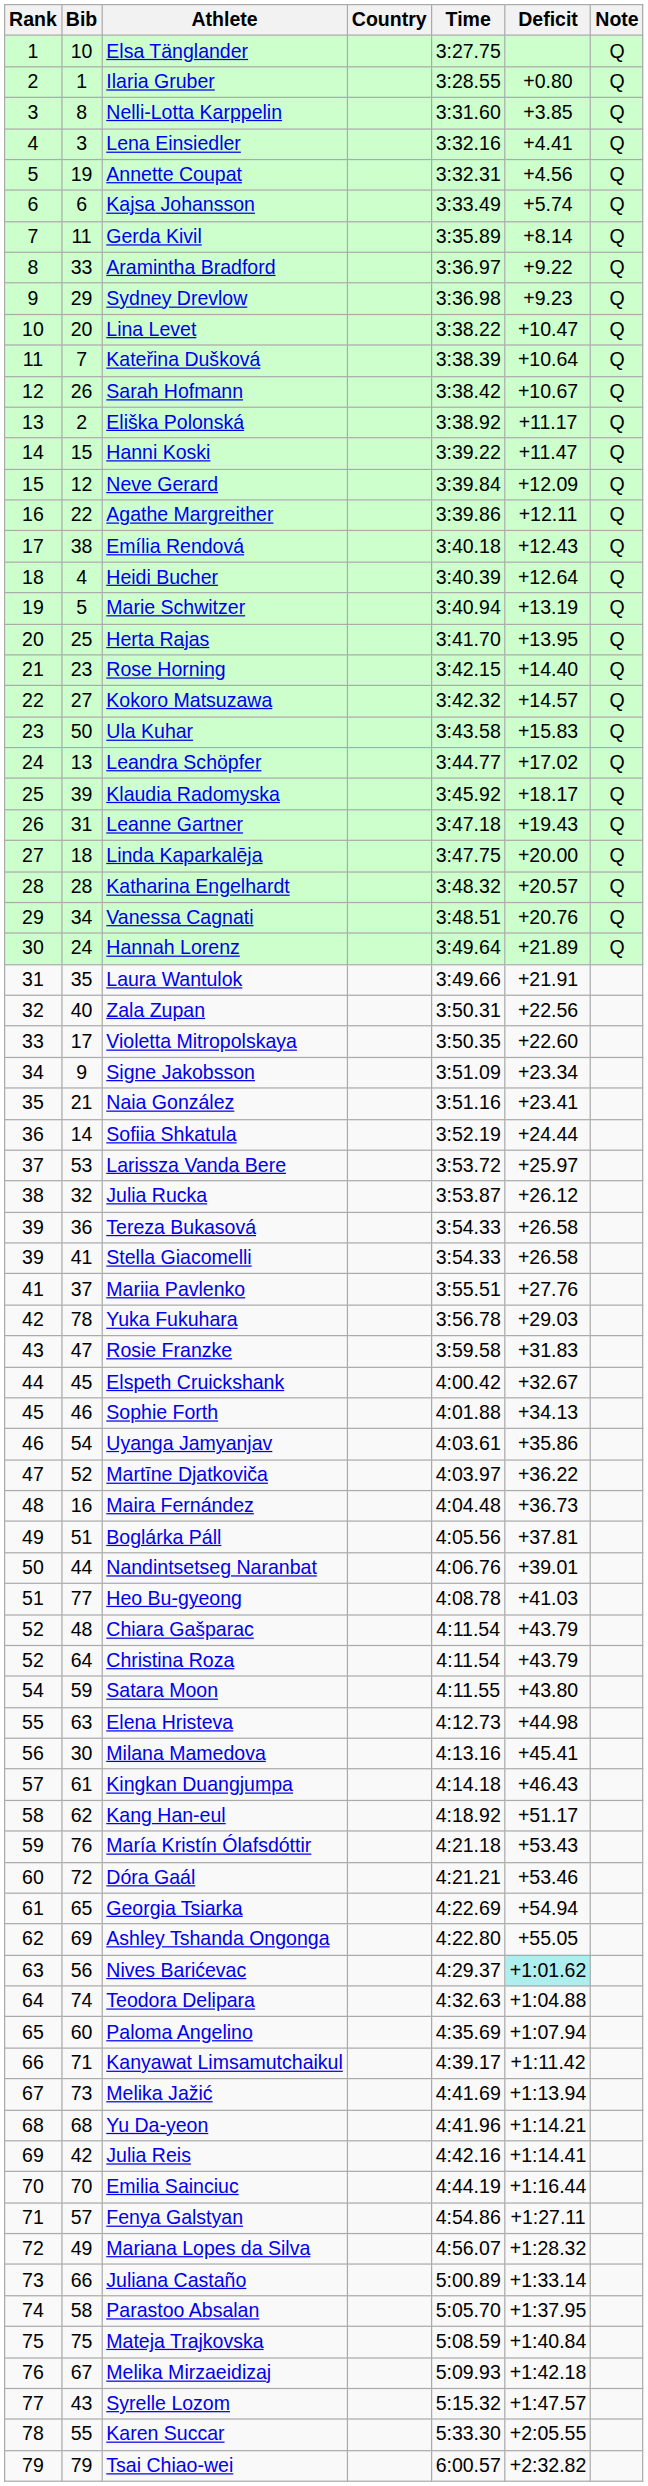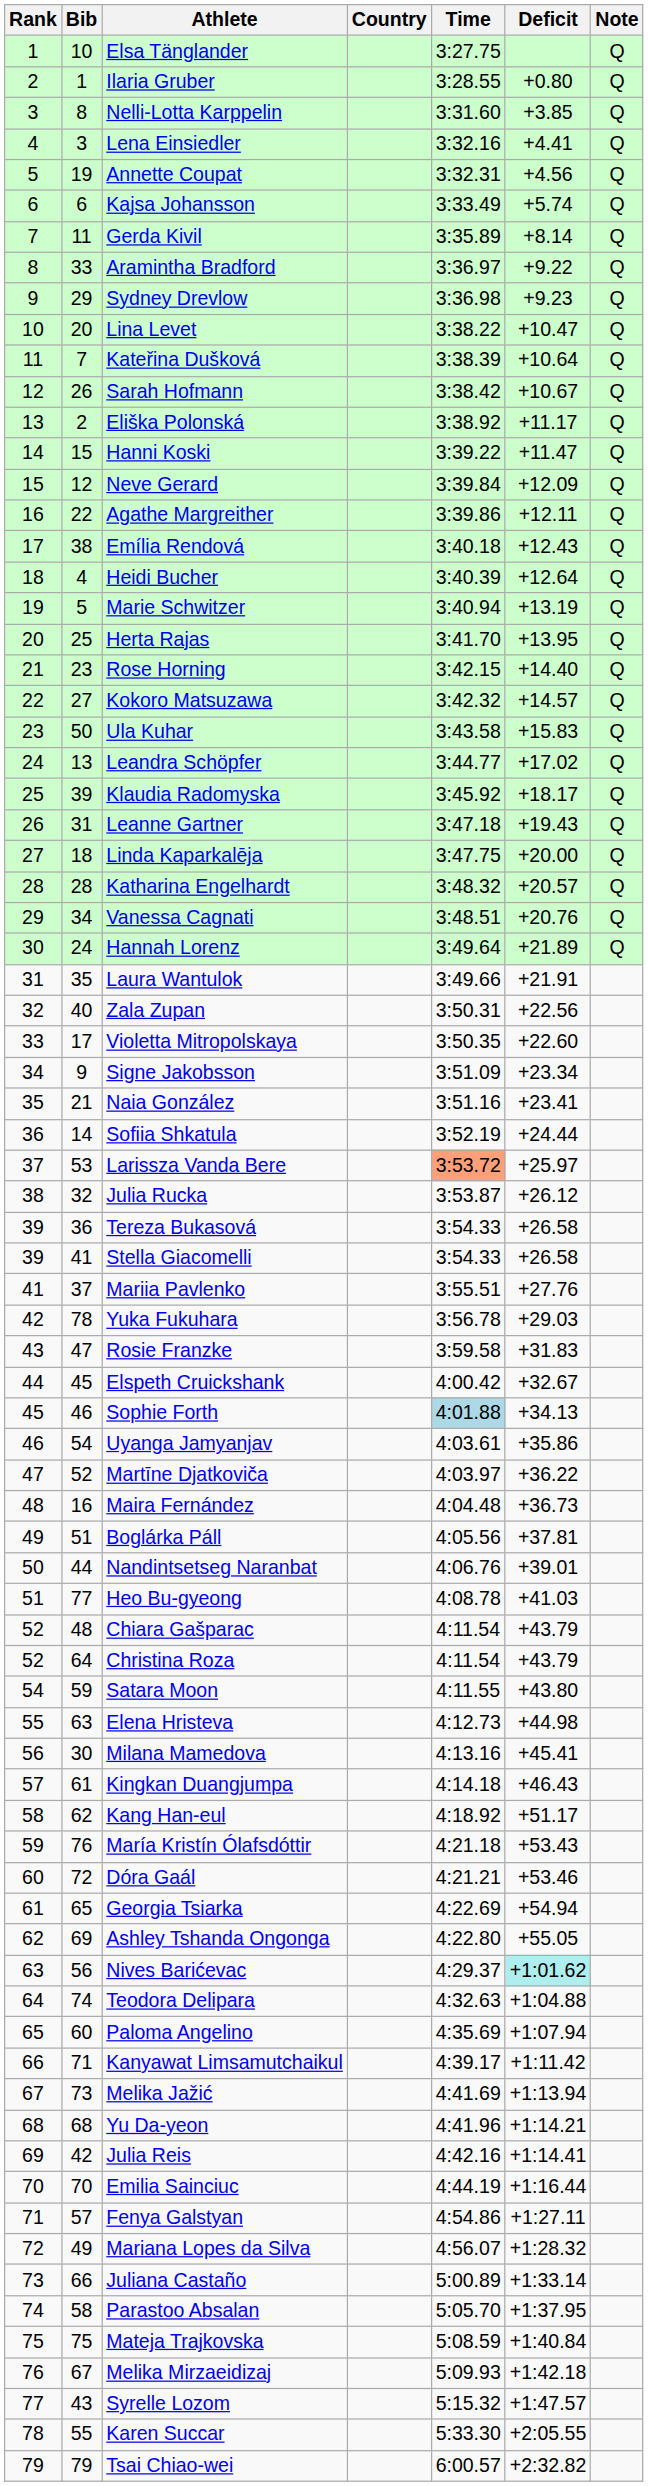 <table class="wikitable sortable" style="text-align:center">
 <tr>
 <th>Rank</th>
 <th>Bib</th>
 <th>Athlete</th>
 <th>Country</th>
 <th>Time</th>
 <th>Deficit</th>
 <th>Note</th>
 </tr>
 <tr bgcolor=ccffcc>
 <td>1</td>
 <td>10</td>
 <td align=left><a href='#'>Elsa Tänglander</a></td>
 <td align=left></td>
 <td>3:27.75</td>
 <td></td>
 <td>Q</td>
 </tr>
 <tr bgcolor=ccffcc>
 <td>2</td>
 <td>1</td>
 <td align=left><a href='#'>Ilaria Gruber</a></td>
 <td align=left></td>
 <td>3:28.55</td>
 <td>+0.80</td>
 <td>Q</td>
 </tr>
 <tr bgcolor=ccffcc>
 <td>3</td>
 <td>8</td>
 <td align=left><a href='#'>Nelli-Lotta Karppelin</a></td>
 <td align=left></td>
 <td>3:31.60</td>
 <td>+3.85</td>
 <td>Q</td>
 </tr>
 <tr bgcolor=ccffcc>
 <td>4</td>
 <td>3</td>
 <td align=left><a href='#'>Lena Einsiedler</a></td>
 <td align=left></td>
 <td>3:32.16</td>
 <td>+4.41</td>
 <td>Q</td>
 </tr>
 <tr bgcolor=ccffcc>
 <td>5</td>
 <td>19</td>
 <td align=left><a href='#'>Annette Coupat</a></td>
 <td align=left></td>
 <td>3:32.31</td>
 <td>+4.56</td>
 <td>Q</td>
 </tr>
 <tr bgcolor=ccffcc>
 <td>6</td>
 <td>6</td>
 <td align=left><a href='#'>Kajsa Johansson</a></td>
 <td align=left></td>
 <td>3:33.49</td>
 <td>+5.74</td>
 <td>Q</td>
 </tr>
 <tr bgcolor=ccffcc>
 <td>7</td>
 <td>11</td>
 <td align=left><a href='#'>Gerda Kivil</a></td>
 <td align=left></td>
 <td>3:35.89</td>
 <td>+8.14</td>
 <td>Q</td>
 </tr>
 <tr bgcolor=ccffcc>
 <td>8</td>
 <td>33</td>
 <td align=left><a href='#'>Aramintha Bradford</a></td>
 <td align=left></td>
 <td>3:36.97</td>
 <td>+9.22</td>
 <td>Q</td>
 </tr>
 <tr bgcolor=ccffcc>
 <td>9</td>
 <td>29</td>
 <td align=left><a href='#'>Sydney Drevlow</a></td>
 <td align=left></td>
 <td>3:36.98</td>
 <td>+9.23</td>
 <td>Q</td>
 </tr>
 <tr bgcolor=ccffcc>
 <td>10</td>
 <td>20</td>
 <td align=left><a href='#'>Lina Levet</a></td>
 <td align=left></td>
 <td>3:38.22</td>
 <td>+10.47</td>
 <td>Q</td>
 </tr>
 <tr bgcolor=ccffcc>
 <td>11</td>
 <td>7</td>
 <td align=left><a href='#'>Kateřina Dušková</a></td>
 <td align=left></td>
 <td>3:38.39</td>
 <td>+10.64</td>
 <td>Q</td>
 </tr>
 <tr bgcolor=ccffcc>
 <td>12</td>
 <td>26</td>
 <td align=left><a href='#'>Sarah Hofmann</a></td>
 <td align=left></td>
 <td>3:38.42</td>
 <td>+10.67</td>
 <td>Q</td>
 </tr>
 <tr bgcolor=ccffcc>
 <td>13</td>
 <td>2</td>
 <td align=left><a href='#'>Eliška Polonská</a></td>
 <td align=left></td>
 <td>3:38.92</td>
 <td>+11.17</td>
 <td>Q</td>
 </tr>
 <tr bgcolor=ccffcc>
 <td>14</td>
 <td>15</td>
 <td align=left><a href='#'>Hanni Koski</a></td>
 <td align=left></td>
 <td>3:39.22</td>
 <td>+11.47</td>
 <td>Q</td>
 </tr>
 <tr bgcolor=ccffcc>
 <td>15</td>
 <td>12</td>
 <td align=left><a href='#'>Neve Gerard</a></td>
 <td align=left></td>
 <td>3:39.84</td>
 <td>+12.09</td>
 <td>Q</td>
 </tr>
 <tr bgcolor=ccffcc>
 <td>16</td>
 <td>22</td>
 <td align=left><a href='#'>Agathe Margreither</a></td>
 <td align=left></td>
 <td>3:39.86</td>
 <td>+12.11</td>
 <td>Q</td>
 </tr>
 <tr bgcolor=ccffcc>
 <td>17</td>
 <td>38</td>
 <td align=left><a href='#'>Emília Rendová</a></td>
 <td align=left></td>
 <td>3:40.18</td>
 <td>+12.43</td>
 <td>Q</td>
 </tr>
 <tr bgcolor=ccffcc>
 <td>18</td>
 <td>4</td>
 <td align=left><a href='#'>Heidi Bucher</a></td>
 <td align=left></td>
 <td>3:40.39</td>
 <td>+12.64</td>
 <td>Q</td>
 </tr>
 <tr bgcolor=ccffcc>
 <td>19</td>
 <td>5</td>
 <td align=left><a href='#'>Marie Schwitzer</a></td>
 <td align=left></td>
 <td>3:40.94</td>
 <td>+13.19</td>
 <td>Q</td>
 </tr>
 <tr bgcolor=ccffcc>
 <td>20</td>
 <td>25</td>
 <td align=left><a href='#'>Herta Rajas</a></td>
 <td align=left></td>
 <td>3:41.70</td>
 <td>+13.95</td>
 <td>Q</td>
 </tr>
 <tr bgcolor=ccffcc>
 <td>21</td>
 <td>23</td>
 <td align=left><a href='#'>Rose Horning</a></td>
 <td align=left></td>
 <td>3:42.15</td>
 <td>+14.40</td>
 <td>Q</td>
 </tr>
 <tr bgcolor=ccffcc>
 <td>22</td>
 <td>27</td>
 <td align=left><a href='#'>Kokoro Matsuzawa</a></td>
 <td align=left></td>
 <td>3:42.32</td>
 <td>+14.57</td>
 <td>Q</td>
 </tr>
 <tr bgcolor=ccffcc>
 <td>23</td>
 <td>50</td>
 <td align=left><a href='#'>Ula Kuhar</a></td>
 <td align=left></td>
 <td>3:43.58</td>
 <td>+15.83</td>
 <td>Q</td>
 </tr>
 <tr bgcolor=ccffcc>
 <td>24</td>
 <td>13</td>
 <td align=left><a href='#'>Leandra Schöpfer</a></td>
 <td align=left></td>
 <td>3:44.77</td>
 <td>+17.02</td>
 <td>Q</td>
 </tr>
 <tr bgcolor=ccffcc>
 <td>25</td>
 <td>39</td>
 <td align=left><a href='#'>Klaudia Radomyska</a></td>
 <td align=left></td>
 <td>3:45.92</td>
 <td>+18.17</td>
 <td>Q</td>
 </tr>
 <tr bgcolor=ccffcc>
 <td>26</td>
 <td>31</td>
 <td align=left><a href='#'>Leanne Gartner</a></td>
 <td align=left></td>
 <td>3:47.18</td>
 <td>+19.43</td>
 <td>Q</td>
 </tr>
 <tr bgcolor=ccffcc>
 <td>27</td>
 <td>18</td>
 <td align=left><a href='#'>Linda Kaparkalēja</a></td>
 <td align=left></td>
 <td>3:47.75</td>
 <td>+20.00</td>
 <td>Q</td>
 </tr>
 <tr bgcolor=ccffcc>
 <td>28</td>
 <td>28</td>
 <td align=left><a href='#'>Katharina Engelhardt</a></td>
 <td align=left></td>
 <td>3:48.32</td>
 <td>+20.57</td>
 <td>Q</td>
 </tr>
 <tr bgcolor=ccffcc>
 <td>29</td>
 <td>34</td>
 <td align=left><a href='#'>Vanessa Cagnati</a></td>
 <td align=left></td>
 <td>3:48.51</td>
 <td>+20.76</td>
 <td>Q</td>
 </tr>
 <tr bgcolor=ccffcc>
 <td>30</td>
 <td>24</td>
 <td align=left><a href='#'>Hannah Lorenz</a></td>
 <td align=left></td>
 <td>3:49.64</td>
 <td>+21.89</td>
 <td>Q</td>
 </tr>
 <tr>
 <td>31</td>
 <td>35</td>
 <td align=left><a href='#'>Laura Wantulok</a></td>
 <td align=left></td>
 <td>3:49.66</td>
 <td>+21.91</td>
 <td></td>
 </tr>
 <tr>
 <td>32</td>
 <td>40</td>
 <td align=left><a href='#'>Zala Zupan</a></td>
 <td align=left></td>
 <td>3:50.31</td>
 <td>+22.56</td>
 <td></td>
 </tr>
 <tr>
 <td>33</td>
 <td>17</td>
 <td align=left><a href='#'>Violetta Mitropolskaya</a></td>
 <td align=left></td>
 <td>3:50.35</td>
 <td>+22.60</td>
 <td></td>
 </tr>
 <tr>
 <td>34</td>
 <td>9</td>
 <td align=left><a href='#'>Signe Jakobsson</a></td>
 <td align=left></td>
 <td>3:51.09</td>
 <td>+23.34</td>
 <td></td>
 </tr>
 <tr>
 <td>35</td>
 <td>21</td>
 <td align=left><a href='#'>Naia González</a></td>
 <td align=left></td>
 <td>3:51.16</td>
 <td>+23.41</td>
 <td></td>
 </tr>
 <tr>
 <td>36</td>
 <td>14</td>
 <td align=left><a href='#'>Sofiia Shkatula</a></td>
 <td align=left></td>
 <td>3:52.19</td>
 <td>+24.44</td>
 <td></td>
 </tr>
 <tr>
 <td>37</td>
 <td>53</td>
 <td align=left><a href='#'>Larissza Vanda Bere</a></td>
 <td align=left></td>
-<td>3:53.72</td>
+<td style="background: lightsalmon;">3:53.72</td>
 <td>+25.97</td>
 <td></td>
 </tr>
 <tr>
 <td>38</td>
 <td>32</td>
 <td align=left><a href='#'>Julia Rucka</a></td>
 <td align=left></td>
 <td>3:53.87</td>
 <td>+26.12</td>
 <td></td>
 </tr>
 <tr>
 <td>39</td>
 <td>36</td>
 <td align=left><a href='#'>Tereza Bukasová</a></td>
 <td align=left></td>
 <td>3:54.33</td>
 <td>+26.58</td>
 <td></td>
 </tr>
 <tr>
 <td>39</td>
 <td>41</td>
 <td align=left><a href='#'>Stella Giacomelli</a></td>
 <td align=left></td>
 <td>3:54.33</td>
 <td>+26.58</td>
 <td></td>
 </tr>
 <tr>
 <td>41</td>
 <td>37</td>
 <td align=left><a href='#'>Mariia Pavlenko</a></td>
 <td align=left></td>
 <td>3:55.51</td>
 <td>+27.76</td>
 <td></td>
 </tr>
 <tr>
 <td>42</td>
 <td>78</td>
 <td align=left><a href='#'>Yuka Fukuhara</a></td>
 <td align=left></td>
 <td>3:56.78</td>
 <td>+29.03</td>
 <td></td>
 </tr>
 <tr>
 <td>43</td>
 <td>47</td>
 <td align=left><a href='#'>Rosie Franzke</a></td>
 <td align=left></td>
 <td>3:59.58</td>
 <td>+31.83</td>
 <td></td>
 </tr>
 <tr>
 <td>44</td>
 <td>45</td>
 <td align=left><a href='#'>Elspeth Cruickshank</a></td>
 <td align=left></td>
 <td>4:00.42</td>
 <td>+32.67</td>
 <td></td>
 </tr>
 <tr>
 <td>45</td>
 <td>46</td>
 <td align=left><a href='#'>Sophie Forth</a></td>
 <td align=left></td>
-<td>4:01.88</td>
+<td style="background: lightblue;">4:01.88</td>
 <td>+34.13</td>
 <td></td>
 </tr>
 <tr>
 <td>46</td>
 <td>54</td>
 <td align=left><a href='#'>Uyanga Jamyanjav</a></td>
 <td align=left></td>
 <td>4:03.61</td>
 <td>+35.86</td>
 <td></td>
 </tr>
 <tr>
 <td>47</td>
 <td>52</td>
 <td align=left><a href='#'>Martīne Djatkoviča</a></td>
 <td align=left></td>
 <td>4:03.97</td>
 <td>+36.22</td>
 <td></td>
 </tr>
 <tr>
 <td>48</td>
 <td>16</td>
 <td align=left><a href='#'>Maira Fernández</a></td>
 <td align=left></td>
 <td>4:04.48</td>
 <td>+36.73</td>
 <td></td>
 </tr>
 <tr>
 <td>49</td>
 <td>51</td>
 <td align=left><a href='#'>Boglárka Páll</a></td>
 <td align=left></td>
 <td>4:05.56</td>
 <td>+37.81</td>
 <td></td>
 </tr>
 <tr>
 <td>50</td>
 <td>44</td>
 <td align=left><a href='#'>Nandintsetseg Naranbat</a></td>
 <td align=left></td>
 <td>4:06.76</td>
 <td>+39.01</td>
 <td></td>
 </tr>
 <tr>
 <td>51</td>
 <td>77</td>
 <td align=left><a href='#'>Heo Bu-gyeong</a></td>
 <td align=left></td>
 <td>4:08.78</td>
 <td>+41.03</td>
 <td></td>
 </tr>
 <tr>
 <td>52</td>
 <td>48</td>
 <td align=left><a href='#'>Chiara Gašparac</a></td>
 <td align=left></td>
 <td>4:11.54</td>
 <td>+43.79</td>
 <td></td>
 </tr>
 <tr>
 <td>52</td>
 <td>64</td>
 <td align=left><a href='#'>Christina Roza</a></td>
 <td align=left></td>
 <td>4:11.54</td>
 <td>+43.79</td>
 <td></td>
 </tr>
 <tr>
 <td>54</td>
 <td>59</td>
 <td align=left><a href='#'>Satara Moon</a></td>
 <td align=left></td>
 <td>4:11.55</td>
 <td>+43.80</td>
 <td></td>
 </tr>
 <tr>
 <td>55</td>
 <td>63</td>
 <td align=left><a href='#'>Elena Hristeva</a></td>
 <td align=left></td>
 <td>4:12.73</td>
 <td>+44.98</td>
 <td></td>
 </tr>
 <tr>
 <td>56</td>
 <td>30</td>
 <td align=left><a href='#'>Milana Mamedova</a></td>
 <td align=left></td>
 <td>4:13.16</td>
 <td>+45.41</td>
 <td></td>
 </tr>
 <tr>
 <td>57</td>
 <td>61</td>
 <td align=left><a href='#'>Kingkan Duangjumpa</a></td>
 <td align=left></td>
 <td>4:14.18</td>
 <td>+46.43</td>
 <td></td>
 </tr>
 <tr>
 <td>58</td>
 <td>62</td>
 <td align=left><a href='#'>Kang Han-eul</a></td>
 <td align=left></td>
 <td>4:18.92</td>
 <td>+51.17</td>
 <td></td>
 </tr>
 <tr>
 <td>59</td>
 <td>76</td>
 <td align=left><a href='#'>María Kristín Ólafsdóttir</a></td>
 <td align=left></td>
 <td>4:21.18</td>
 <td>+53.43</td>
 <td></td>
 </tr>
 <tr>
 <td>60</td>
 <td>72</td>
 <td align=left><a href='#'>Dóra Gaál</a></td>
 <td align=left></td>
 <td>4:21.21</td>
 <td>+53.46</td>
 <td></td>
 </tr>
 <tr>
 <td>61</td>
 <td>65</td>
 <td align=left><a href='#'>Georgia Tsiarka</a></td>
 <td align=left></td>
 <td>4:22.69</td>
 <td>+54.94</td>
 <td></td>
 </tr>
 <tr>
 <td>62</td>
 <td>69</td>
 <td align=left><a href='#'>Ashley Tshanda Ongonga</a></td>
 <td align=left></td>
 <td>4:22.80</td>
 <td>+55.05</td>
 <td></td>
 </tr>
 <tr>
 <td>63</td>
 <td>56</td>
 <td align=left><a href='#'>Nives Barićevac</a></td>
 <td align=left></td>
 <td>4:29.37</td>
 <td style="background: paleturquoise;">+1:01.62</td>
 <td></td>
 </tr>
 <tr>
 <td>64</td>
 <td>74</td>
 <td align=left><a href='#'>Teodora Delipara</a></td>
 <td align=left></td>
 <td>4:32.63</td>
 <td>+1:04.88</td>
 <td></td>
 </tr>
 <tr>
 <td>65</td>
 <td>60</td>
 <td align=left><a href='#'>Paloma Angelino</a></td>
 <td align=left></td>
 <td>4:35.69</td>
 <td>+1:07.94</td>
 <td></td>
 </tr>
 <tr>
 <td>66</td>
 <td>71</td>
 <td align=left><a href='#'>Kanyawat Limsamutchaikul</a></td>
 <td align=left></td>
 <td>4:39.17</td>
 <td>+1:11.42</td>
 <td></td>
 </tr>
 <tr>
 <td>67</td>
 <td>73</td>
 <td align=left><a href='#'>Melika Jažić</a></td>
 <td align=left></td>
 <td>4:41.69</td>
 <td>+1:13.94</td>
 <td></td>
 </tr>
 <tr>
 <td>68</td>
 <td>68</td>
 <td align=left><a href='#'>Yu Da-yeon</a></td>
 <td align=left></td>
 <td>4:41.96</td>
 <td>+1:14.21</td>
 <td></td>
 </tr>
 <tr>
 <td>69</td>
 <td>42</td>
 <td align=left><a href='#'>Julia Reis</a></td>
 <td align=left></td>
 <td>4:42.16</td>
 <td>+1:14.41</td>
 <td></td>
 </tr>
 <tr>
 <td>70</td>
 <td>70</td>
 <td align=left><a href='#'>Emilia Sainciuc</a></td>
 <td align=left></td>
 <td>4:44.19</td>
 <td>+1:16.44</td>
 <td></td>
 </tr>
 <tr>
 <td>71</td>
 <td>57</td>
 <td align=left><a href='#'>Fenya Galstyan</a></td>
 <td align=left></td>
 <td>4:54.86</td>
 <td>+1:27.11</td>
 <td></td>
 </tr>
 <tr>
 <td>72</td>
 <td>49</td>
 <td align=left><a href='#'>Mariana Lopes da Silva</a></td>
 <td align=left></td>
 <td>4:56.07</td>
 <td>+1:28.32</td>
 <td></td>
 </tr>
 <tr>
 <td>73</td>
 <td>66</td>
 <td align=left><a href='#'>Juliana Castaño</a></td>
 <td align=left></td>
 <td>5:00.89</td>
 <td>+1:33.14</td>
 <td></td>
 </tr>
 <tr>
 <td>74</td>
 <td>58</td>
 <td align=left><a href='#'>Parastoo Absalan</a></td>
 <td align=left></td>
 <td>5:05.70</td>
 <td>+1:37.95</td>
 <td></td>
 </tr>
 <tr>
 <td>75</td>
 <td>75</td>
 <td align=left><a href='#'>Mateja Trajkovska</a></td>
 <td align=left></td>
 <td>5:08.59</td>
 <td>+1:40.84</td>
 <td></td>
 </tr>
 <tr>
 <td>76</td>
 <td>67</td>
 <td align=left><a href='#'>Melika Mirzaeidizaj</a></td>
 <td align=left></td>
 <td>5:09.93</td>
 <td>+1:42.18</td>
 <td></td>
 </tr>
 <tr>
 <td>77</td>
 <td>43</td>
 <td align=left><a href='#'>Syrelle Lozom</a></td>
 <td align=left></td>
 <td>5:15.32</td>
 <td>+1:47.57</td>
 <td></td>
 </tr>
 <tr>
 <td>78</td>
 <td>55</td>
 <td align=left><a href='#'>Karen Succar</a></td>
 <td align=left></td>
 <td>5:33.30</td>
 <td>+2:05.55</td>
 <td></td>
 </tr>
 <tr>
 <td>79</td>
 <td>79</td>
 <td align=left><a href='#'>Tsai Chiao-wei</a></td>
 <td align=left></td>
 <td>6:00.57</td>
 <td>+2:32.82</td>
 <td></td>
 </tr>
 </table>
